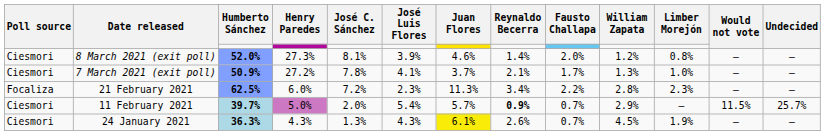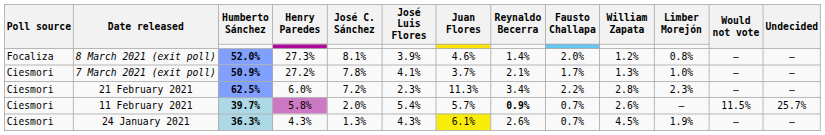 <table class="wikitable" style="text-align:center;font-size:90%;line-height:14px;">
 <tr>
 <th rowspan="2">Poll source</th>
 <th rowspan="2">Date released</th>
 <th style="width:60px">Humberto Sánchez</th>
 <th style="width:60px">Henry Paredes</th>
 <th style="width:60px">José C. Sánchez</th>
 <th style="width:60px">José Luis Flores</th>
 <th style="width:60px">Juan Flores</th>
 <th style="width:60px">Reynaldo Becerra</th>
 <th style="width:60px">Fausto Challapa</th>
 <th style="width:60px">William Zapata</th>
 <th style="width:60px">Limber Morejón</th>
 <th rowspan="2" style="width:60px">Would not vote</th>
 <th rowspan="2" style="width:60px">Undecided</th>
 </tr>
 <tr>
 <td style="background:"></td>
 <td style="background:#B1079B"></td>
 <td style="background:"></td>
 <td style="background:"></td>
 <td style="background:#FFE400"></td>
 <td style="background:"></td>
 <td style="background:#66C8F2"></td>
 <td style="background:"></td>
 <td style="background:"></td>
 </tr>
 <tr>
-<td style="text-align:left;">Ciesmori</td>
+<td style="text-align:left;">Focaliza</td>
 <td><em>8 March 2021 (exit poll)</em></td>
 <td style="background:#809fff"><strong>52.0%</strong></td>
 <td>27.3%</td>
 <td>8.1%</td>
 <td>3.9%</td>
 <td>4.6%</td>
 <td>1.4%</td>
 <td>2.0%</td>
 <td>1.2%</td>
 <td>0.8%</td>
 <td>–</td>
 <td>–</td>
 </tr>
 <tr>
 <td style="text-align:left;">Ciesmori</td>
 <td><em>7 March 2021 (exit poll)</em></td>
 <td style="background:#809fff"><strong>50.9%</strong></td>
 <td>27.2%</td>
 <td>7.8%</td>
 <td>4.1%</td>
 <td>3.7%</td>
 <td>2.1%</td>
 <td>1.7%</td>
 <td>1.3%</td>
 <td>1.0%</td>
 <td>–</td>
 <td>–</td>
 </tr>
 <tr>
-<td style="text-align:left;">Focaliza</td>
+<td style="text-align:left;">Ciesmori</td>
 <td>21 February 2021</td>
 <td style="background:#809fff"><strong>62.5%</strong></td>
 <td>6.0%</td>
 <td>7.2%</td>
 <td>2.3%</td>
 <td>11.3%</td>
 <td>3.4%</td>
 <td>2.2%</td>
 <td>2.8%</td>
 <td>2.3%</td>
 <td>–</td>
 <td>–</td>
 </tr>
 <tr>
 <td style="text-align:left;">Ciesmori</td>
 <td>11 February 2021</td>
 <td style="background:lightblue"><strong>39.7%</strong></td>
-<td style="background:#CC78C3">5.0%</td>
+<td style="background:#CC78C3">5.8%</td>
 <td>2.0%</td>
 <td>5.4%</td>
 <td>5.7%</td>
 <td><strong>0.9%</strong></td>
 <td>0.7%</td>
-<td>2.9%</td>
+<td>2.6%</td>
 <td>–</td>
 <td>11.5%</td>
 <td>25.7%</td>
 </tr>
 <tr>
 <td style="text-align:left;">Ciesmori</td>
 <td>24 January 2021</td>
 <td style="background:lightblue"><strong>36.3%</strong></td>
 <td>4.3%</td>
 <td>1.3%</td>
 <td>4.3%</td>
 <td style="background:#faec09">6.1%</td>
 <td>2.6%</td>
 <td>0.7%</td>
 <td>4.5%</td>
 <td>1.9%</td>
 <td>–</td>
 <td>–</td>
 </tr>
 </table>
